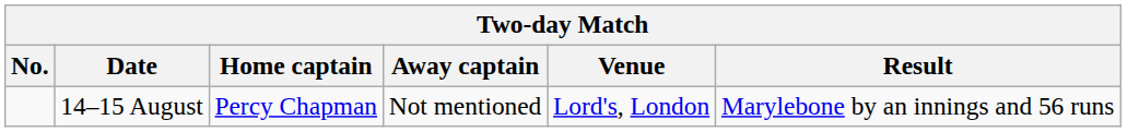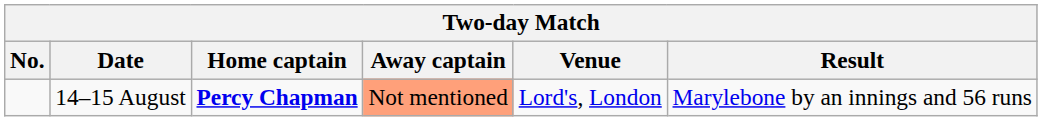 <table class="wikitable">
 <tr>
 <th colspan="9">Two-day Match</th>
 </tr>
 <tr>
 <th>No.</th>
 <th>Date</th>
 <th>Home captain</th>
 <th>Away captain</th>
 <th>Venue</th>
 <th>Result</th>
 </tr>
 <tr>
 <td></td>
 <td>14–15 August</td>
-<td><a href='#'>Percy Chapman</a></td>
-<td>Not mentioned</td>
+<td><strong><a href='#'>Percy Chapman</a></strong></td>
+<td style="background: lightsalmon;">Not mentioned</td>
 <td><a href='#'>Lord's</a>, <a href='#'>London</a></td>
 <td><a href='#'>Marylebone</a> by an innings and 56 runs</td>
 </tr>
 </table>
